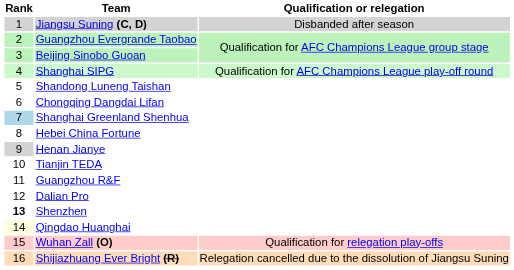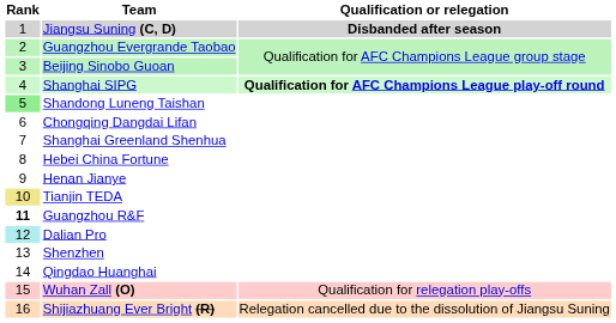 <table>
 <tr>
 <th>Rank</th>
 <th>Team</th>
 <th>Qualification or relegation</th>
 </tr>
 <tr style="background-color:lightgray;">
 <td style="text-align:center;">1</td>
 <td><a href='#'>Jiangsu Suning</a> <strong>(C, D)</strong></td>
-<td style="text-align:center;">Disbanded after season</td>
+<td style="text-align:center;"><strong>Disbanded after season</strong></td>
 </tr>
 <tr style="background-color:#BBF3BB;">
 <td style="text-align:center;">2</td>
 <td><a href='#'>Guangzhou Evergrande Taobao</a></td>
 <td style="text-align:center;" rowspan="2">Qualification for <a href='#'>AFC Champions League group stage</a></td>
 </tr>
 <tr style="background-color:#BBF3BB;">
 <td style="text-align:center;">3</td>
 <td><a href='#'>Beijing Sinobo Guoan</a></td>
 </tr>
 <tr style="background-color:#CCF9CC;">
 <td style="text-align:center;">4</td>
 <td><a href='#'>Shanghai SIPG</a></td>
-<td style="text-align:center;">Qualification for <a href='#'>AFC Champions League play-off round</a></td>
+<td style="text-align:center;"><strong>Qualification for <a href='#'>AFC Champions League play-off round</a></strong></td>
 </tr>
 <tr>
-<td style="text-align:center;">5</td>
+<td style="background: lightgreen; text-align:center;">5</td>
 <td><a href='#'>Shandong Luneng Taishan</a></td>
 <td style="text-align:center;" rowspan="10"></td>
 </tr>
 <tr>
 <td style="text-align:center;">6</td>
 <td><a href='#'>Chongqing Dangdai Lifan</a></td>
 </tr>
 <tr>
-<td style="background: lightblue; text-align:center;">7</td>
+<td style="text-align:center;">7</td>
 <td><a href='#'>Shanghai Greenland Shenhua</a></td>
 </tr>
 <tr>
 <td style="text-align:center;">8</td>
 <td><a href='#'>Hebei China Fortune</a></td>
 </tr>
 <tr>
-<td style="background: lightgrey; text-align:center;">9</td>
+<td style="text-align:center;">9</td>
 <td><a href='#'>Henan Jianye</a></td>
 </tr>
 <tr>
-<td style="text-align:center;">10</td>
+<td style="background: khaki; text-align:center;">10</td>
 <td><a href='#'>Tianjin TEDA</a></td>
 </tr>
 <tr>
-<td style="text-align:center;">11</td>
+<td style="text-align:center;"><strong>11</strong></td>
 <td><a href='#'>Guangzhou R&F</a></td>
 </tr>
 <tr>
-<td style="text-align:center;">12</td>
+<td style="background: paleturquoise; text-align:center;">12</td>
 <td><a href='#'>Dalian Pro</a></td>
 </tr>
 <tr>
-<td style="text-align:center;"><strong>13</strong></td>
+<td style="text-align:center;">13</td>
 <td><a href='#'>Shenzhen</a></td>
 </tr>
 <tr>
-<td style="background: lightyellow; text-align:center;">14</td>
+<td style="text-align:center;">14</td>
 <td><a href='#'>Qingdao Huanghai</a></td>
 </tr>
 <tr style="background-color:#FFCCCC;">
 <td style="text-align:center;">15</td>
 <td><a href='#'>Wuhan Zall</a> <strong>(O)</strong></td>
 <td style="text-align:center;">Qualification for <a href='#'>relegation play-offs</a></td>
 </tr>
 <tr style="background-color:#FEDCBA;">
 <td style="text-align:center;">16</td>
 <td><a href='#'>Shijiazhuang Ever Bright</a> <del><strong>(R)</strong></del></td>
 <td style="text-align:center;">Relegation cancelled due to the dissolution of Jiangsu Suning</td>
 </tr>
 </table>
